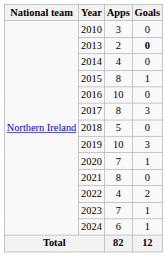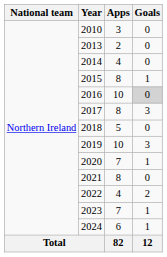 <table class=wikitable style="text-align:center">
 <tr>
 <th>National team</th>
 <th>Year</th>
 <th>Apps</th>
 <th>Goals</th>
 </tr>
 <tr>
 <td rowspan=13><a href='#'>Northern Ireland</a></td>
 <td>2010</td>
 <td>3</td>
 <td>0</td>
 </tr>
 <tr>
 <td>2013</td>
 <td>2</td>
-<td><strong>0</strong></td>
+<td>0</td>
 </tr>
 <tr>
 <td>2014</td>
 <td>4</td>
 <td>0</td>
 </tr>
 <tr>
 <td>2015</td>
 <td>8</td>
 <td>1</td>
 </tr>
 <tr>
 <td>2016</td>
 <td>10</td>
-<td>0</td>
+<td style="background: lightgrey;">0</td>
 </tr>
 <tr>
 <td>2017</td>
 <td>8</td>
 <td>3</td>
 </tr>
 <tr>
 <td>2018</td>
 <td>5</td>
 <td>0</td>
 </tr>
 <tr>
 <td>2019</td>
 <td>10</td>
 <td>3</td>
 </tr>
 <tr>
 <td>2020</td>
 <td>7</td>
 <td>1</td>
 </tr>
 <tr>
 <td>2021</td>
 <td>8</td>
 <td>0</td>
 </tr>
 <tr>
 <td>2022</td>
 <td>4</td>
 <td>2</td>
 </tr>
 <tr>
 <td>2023</td>
 <td>7</td>
 <td>1</td>
 </tr>
 <tr>
 <td>2024</td>
 <td>6</td>
 <td>1</td>
 </tr>
 <tr>
 <th colspan=2>Total</th>
 <th>82</th>
 <th>12</th>
 </tr>
 </table>
